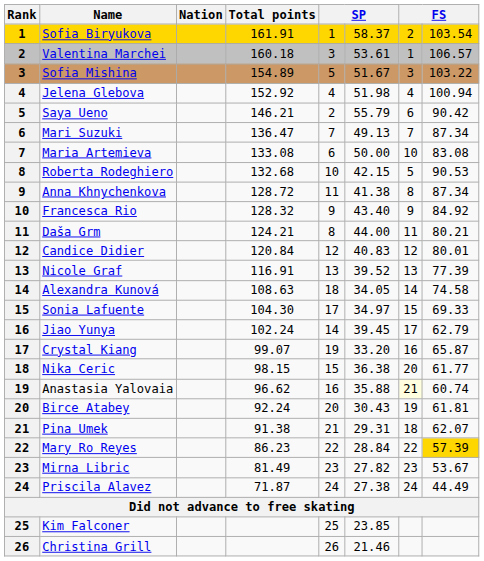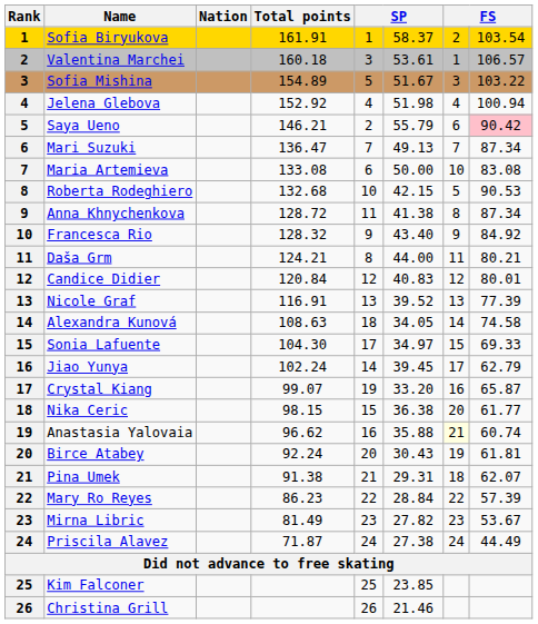 <table class="wikitable sortable">
 <tr>
 <th>Rank</th>
 <th>Name</th>
 <th>Nation</th>
 <th>Total points</th>
 <th colspan="2" width="80px"><a href='#'>SP</a></th>
 <th colspan="2" width="80px"><a href='#'>FS</a></th>
 </tr>
 <tr style="background-color: gold">
 <td style="text-align: center"><strong>1</strong></td>
 <td><a href='#'>Sofia Biryukova</a></td>
 <td></td>
 <td style="text-align: center">161.91</td>
 <td style="text-align: center">1</td>
 <td style="text-align: center">58.37</td>
 <td style="text-align: center">2</td>
 <td style="text-align: center">103.54</td>
 </tr>
 <tr style="background-color: silver">
 <td style="text-align: center"><strong>2</strong></td>
 <td><a href='#'>Valentina Marchei</a></td>
 <td></td>
 <td style="text-align: center">160.18</td>
 <td style="text-align: center">3</td>
 <td style="text-align: center">53.61</td>
 <td style="text-align: center">1</td>
 <td style="text-align: center">106.57</td>
 </tr>
 <tr style="background-color: #cc9966">
 <td style="text-align: center"><strong>3</strong></td>
 <td><a href='#'>Sofia Mishina</a></td>
 <td></td>
 <td style="text-align: center">154.89</td>
 <td style="text-align: center">5</td>
 <td style="text-align: center">51.67</td>
 <td style="text-align: center">3</td>
 <td style="text-align: center">103.22</td>
 </tr>
 <tr>
 <th>4</th>
 <td><a href='#'>Jelena Glebova</a></td>
 <td></td>
 <td style="text-align: center">152.92</td>
 <td style="text-align: center">4</td>
 <td style="text-align: center">51.98</td>
 <td style="text-align: center">4</td>
 <td style="text-align: center">100.94</td>
 </tr>
 <tr>
 <th>5</th>
 <td><a href='#'>Saya Ueno</a></td>
 <td></td>
 <td style="text-align: center">146.21</td>
 <td style="text-align: center">2</td>
 <td style="text-align: center">55.79</td>
 <td style="text-align: center">6</td>
-<td style="text-align: center">90.42</td>
+<td style="background: pink; text-align: center">90.42</td>
 </tr>
 <tr>
 <th>6</th>
 <td><a href='#'>Mari Suzuki</a></td>
 <td></td>
 <td style="text-align: center">136.47</td>
 <td style="text-align: center">7</td>
 <td style="text-align: center">49.13</td>
 <td style="text-align: center">7</td>
 <td style="text-align: center">87.34</td>
 </tr>
 <tr>
 <th>7</th>
 <td><a href='#'>Maria Artemieva</a></td>
 <td></td>
 <td style="text-align: center">133.08</td>
 <td style="text-align: center">6</td>
 <td style="text-align: center">50.00</td>
 <td style="text-align: center">10</td>
 <td style="text-align: center">83.08</td>
 </tr>
 <tr>
 <th>8</th>
 <td><a href='#'>Roberta Rodeghiero</a></td>
 <td></td>
 <td style="text-align: center">132.68</td>
 <td style="text-align: center">10</td>
 <td style="text-align: center">42.15</td>
 <td style="text-align: center">5</td>
 <td style="text-align: center">90.53</td>
 </tr>
 <tr>
 <th>9</th>
 <td><a href='#'>Anna Khnychenkova</a></td>
 <td></td>
 <td style="text-align: center">128.72</td>
 <td style="text-align: center">11</td>
 <td style="text-align: center">41.38</td>
 <td style="text-align: center">8</td>
 <td style="text-align: center">87.34</td>
 </tr>
 <tr>
 <th>10</th>
 <td><a href='#'>Francesca Rio</a></td>
 <td></td>
 <td style="text-align: center">128.32</td>
 <td style="text-align: center">9</td>
 <td style="text-align: center">43.40</td>
 <td style="text-align: center">9</td>
 <td style="text-align: center">84.92</td>
 </tr>
 <tr>
 <th>11</th>
 <td><a href='#'>Daša Grm</a></td>
 <td></td>
 <td style="text-align: center">124.21</td>
 <td style="text-align: center">8</td>
 <td style="text-align: center">44.00</td>
 <td style="text-align: center">11</td>
 <td style="text-align: center">80.21</td>
 </tr>
 <tr>
 <th>12</th>
 <td><a href='#'>Candice Didier</a></td>
 <td></td>
 <td style="text-align: center">120.84</td>
 <td style="text-align: center">12</td>
 <td style="text-align: center">40.83</td>
 <td style="text-align: center">12</td>
 <td style="text-align: center">80.01</td>
 </tr>
 <tr>
 <th>13</th>
 <td><a href='#'>Nicole Graf</a></td>
 <td></td>
 <td style="text-align: center">116.91</td>
 <td style="text-align: center">13</td>
 <td style="text-align: center">39.52</td>
 <td style="text-align: center">13</td>
 <td style="text-align: center">77.39</td>
 </tr>
 <tr>
 <th>14</th>
 <td><a href='#'>Alexandra Kunová</a></td>
 <td></td>
 <td style="text-align: center">108.63</td>
 <td style="text-align: center">18</td>
 <td style="text-align: center">34.05</td>
 <td style="text-align: center">14</td>
 <td style="text-align: center">74.58</td>
 </tr>
 <tr>
 <th>15</th>
 <td><a href='#'>Sonia Lafuente</a></td>
 <td></td>
 <td style="text-align: center">104.30</td>
 <td style="text-align: center">17</td>
 <td style="text-align: center">34.97</td>
 <td style="text-align: center">15</td>
 <td style="text-align: center">69.33</td>
 </tr>
 <tr>
 <th>16</th>
 <td><a href='#'>Jiao Yunya</a></td>
 <td></td>
 <td style="text-align: center">102.24</td>
 <td style="text-align: center">14</td>
 <td style="text-align: center">39.45</td>
 <td style="text-align: center">17</td>
 <td style="text-align: center">62.79</td>
 </tr>
 <tr>
 <th>17</th>
 <td><a href='#'>Crystal Kiang</a></td>
 <td></td>
 <td style="text-align: center">99.07</td>
 <td style="text-align: center">19</td>
 <td style="text-align: center">33.20</td>
 <td style="text-align: center">16</td>
 <td style="text-align: center">65.87</td>
 </tr>
 <tr>
 <th>18</th>
 <td><a href='#'>Nika Ceric</a></td>
 <td></td>
 <td style="text-align: center">98.15</td>
 <td style="text-align: center">15</td>
 <td style="text-align: center">36.38</td>
 <td style="text-align: center">20</td>
 <td style="text-align: center">61.77</td>
 </tr>
 <tr>
 <th>19</th>
 <td>Anastasia Yalovaia</td>
 <td></td>
 <td style="text-align: center">96.62</td>
 <td style="text-align: center">16</td>
 <td style="text-align: center">35.88</td>
 <td style="background: lightyellow; text-align: center">21</td>
 <td style="text-align: center">60.74</td>
 </tr>
 <tr>
 <th>20</th>
 <td><a href='#'>Birce Atabey</a></td>
 <td></td>
 <td style="text-align: center">92.24</td>
 <td style="text-align: center">20</td>
 <td style="text-align: center">30.43</td>
 <td style="text-align: center">19</td>
 <td style="text-align: center">61.81</td>
 </tr>
 <tr>
 <th>21</th>
 <td><a href='#'>Pina Umek</a></td>
 <td></td>
 <td style="text-align: center">91.38</td>
 <td style="text-align: center">21</td>
 <td style="text-align: center">29.31</td>
 <td style="text-align: center">18</td>
 <td style="text-align: center">62.07</td>
 </tr>
 <tr>
 <th>22</th>
 <td><a href='#'>Mary Ro Reyes</a></td>
 <td></td>
 <td style="text-align: center">86.23</td>
 <td style="text-align: center">22</td>
 <td style="text-align: center">28.84</td>
 <td style="text-align: center">22</td>
-<td style="background: gold; text-align: center">57.39</td>
+<td style="text-align: center">57.39</td>
 </tr>
 <tr>
 <th>23</th>
 <td><a href='#'>Mirna Libric</a></td>
 <td></td>
 <td style="text-align: center">81.49</td>
 <td style="text-align: center">23</td>
 <td style="text-align: center">27.82</td>
 <td style="text-align: center">23</td>
 <td style="text-align: center">53.67</td>
 </tr>
 <tr>
 <th>24</th>
 <td><a href='#'>Priscila Alavez</a></td>
 <td></td>
 <td style="text-align: center">71.87</td>
 <td style="text-align: center">24</td>
 <td style="text-align: center">27.38</td>
 <td style="text-align: center">24</td>
 <td style="text-align: center">44.49</td>
 </tr>
 <tr>
 <th colspan=8>Did not advance to free skating</th>
 </tr>
 <tr>
 <th>25</th>
 <td><a href='#'>Kim Falconer</a></td>
 <td></td>
 <td></td>
 <td style="text-align: center">25</td>
 <td style="text-align: center">23.85</td>
 <td></td>
 <td></td>
 </tr>
 <tr>
 <th>26</th>
 <td><a href='#'>Christina Grill</a></td>
 <td></td>
 <td></td>
 <td style="text-align: center">26</td>
 <td style="text-align: center">21.46</td>
 <td></td>
 <td></td>
 </tr>
 </table>
